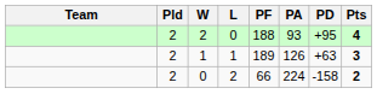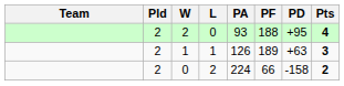 <table class=wikitable style="text-align:center">
 <tr>
 <th width=180>Team</th>
 <th width=30>Pld</th>
 <th width=30>W</th>
 <th width=30>L</th>
+<th width=30>PA</th>
 <th width=30>PF</th>
-<th width=30>PA</th>
 <th width=30>PD</th>
 <th width=30>Pts</th>
 </tr>
 <tr align=center bgcolor="#ccffcc">
 <td align=left></td>
 <td>2</td>
 <td>2</td>
 <td>0</td>
+<td>93</td>
 <td>188</td>
-<td>93</td>
 <td>+95</td>
 <td><strong>4</strong></td>
 </tr>
 <tr align=center bgcolor=>
 <td align=left></td>
 <td>2</td>
 <td>1</td>
 <td>1</td>
+<td>126</td>
 <td>189</td>
-<td>126</td>
 <td>+63</td>
 <td><strong>3</strong></td>
 </tr>
 <tr align=center bgcolor=>
 <td align=left></td>
 <td>2</td>
 <td>0</td>
 <td>2</td>
+<td>224</td>
 <td>66</td>
-<td>224</td>
 <td>-158</td>
 <td><strong>2</strong></td>
 </tr>
 </table>
